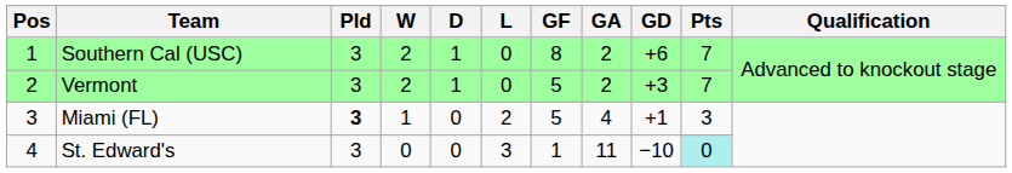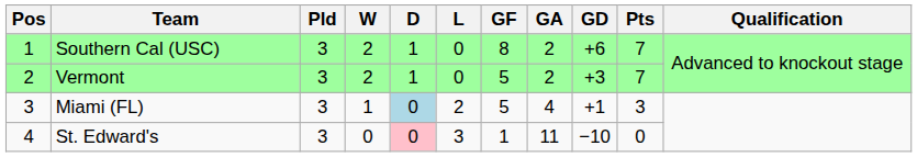 <table class="wikitable" style="text-align:center; margin: 1em auto">
 <tr>
 <th style="width:2em">Pos</th>
 <th style="width:13em">Team</th>
 <th style="width:2em">Pld</th>
 <th style="width:2em">W</th>
 <th style="width:2em">D</th>
 <th style="width:2em">L</th>
 <th style="width:2em">GF</th>
 <th style="width:2em">GA</th>
 <th style="width:2em">GD</th>
 <th style="width:2em">Pts</th>
 <th style="width:13em">Qualification</th>
 </tr>
 <tr bgcolor="#9eff9e">
 <td>1</td>
 <td style="text-align:left">Southern Cal (USC)</td>
 <td>3</td>
 <td>2</td>
 <td>1</td>
 <td>0</td>
 <td>8</td>
 <td>2</td>
 <td>+6</td>
 <td>7</td>
 <td rowspan="2">Advanced to knockout stage</td>
 </tr>
 <tr bgcolor="#9eff9e">
 <td>2</td>
 <td style="text-align:left">Vermont</td>
 <td>3</td>
 <td>2</td>
 <td>1</td>
 <td>0</td>
 <td>5</td>
 <td>2</td>
 <td>+3</td>
 <td>7</td>
 </tr>
 <tr>
 <td>3</td>
 <td style="text-align:left">Miami (FL)</td>
-<td><strong>3</strong></td>
+<td>3</td>
 <td>1</td>
-<td>0</td>
+<td style="background: lightblue;">0</td>
 <td>2</td>
 <td>5</td>
 <td>4</td>
 <td>+1</td>
 <td>3</td>
 <td rowspan="2"></td>
 </tr>
 <tr>
 <td>4</td>
 <td style="text-align:left">St. Edward's</td>
 <td>3</td>
 <td>0</td>
-<td>0</td>
+<td style="background: pink;">0</td>
 <td>3</td>
 <td>1</td>
 <td>11</td>
 <td>−10</td>
-<td style="background: paleturquoise;">0</td>
+<td>0</td>
 </tr>
 </table>
